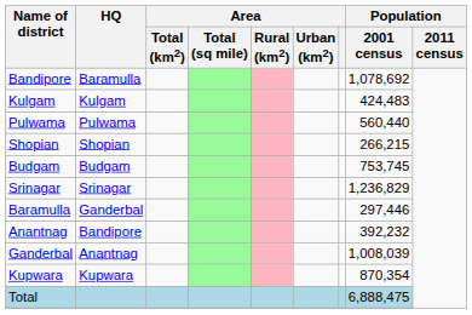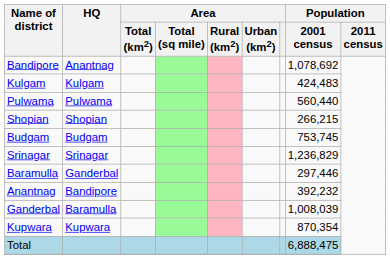 <table class="wikitable sortable" style="margin-bottom: 0;">
 <tr style="vertical-align:top;">
 <th rowspan=2>Name of <br>district</th>
 <th rowspan=2 class=unsortable>HQ</th>
 <th colspan=5>Area</th>
 <th colspan=2>Population</th>
 </tr>
 <tr style="vertical-align:top;">
 <th>Total <br> (km<sup>2</sup>)</th>
 <th class=unsortable>Total <br> (sq mile)</th>
 <th class=unsortable>Rural <br> (km<sup>2</sup>)</th>
 <th>Urban <br> (km<sup>2</sup>)</th>
 <th class=unsortable></th>
 <th>2001<br>census</th>
 <th>2011<br>census</th>
 </tr>
 <tr style="vertical-align:top;">
 <td><a href='#'>Bandipore</a></td>
-<td><a href='#'>Baramulla</a></td>
+<td><a href='#'>Anantnag</a></td>
 <td></td>
 <td style="background:palegreen; text-align:right;"></td>
 <td style="background:lightpink; text-align:right;"></td>
 <td></td>
 <td style="text-align:right;"></td>
 <td style="text-align:right;">1,078,692</td>
 </tr>
 <tr style="vertical-align:top;">
 <td><a href='#'>Kulgam</a></td>
 <td><a href='#'>Kulgam</a></td>
 <td> </td>
 <td style="background:palegreen; text-align:right;"></td>
 <td style="background:lightpink; text-align:right;"></td>
 <td></td>
 <td style="text-align:right;"></td>
 <td style="text-align:right;">424,483</td>
 </tr>
 <tr style="vertical-align:top;">
 <td><a href='#'>Pulwama</a></td>
 <td><a href='#'>Pulwama</a></td>
 <td></td>
 <td style="background:palegreen; text-align:right;"></td>
 <td style="background:lightpink; text-align:right;"></td>
 <td></td>
 <td style="text-align:right;"></td>
 <td style="text-align:right;">560,440</td>
 </tr>
 <tr style="vertical-align:top;">
 <td><a href='#'>Shopian</a></td>
 <td><a href='#'>Shopian</a></td>
 <td> </td>
 <td style="background:palegreen; text-align:right;"></td>
 <td style="background:lightpink; text-align:right;"></td>
 <td></td>
 <td style="text-align:right;"></td>
 <td style="text-align:right;">266,215</td>
 </tr>
 <tr style="vertical-align:top;">
 <td><a href='#'>Budgam</a></td>
 <td><a href='#'>Budgam</a></td>
 <td> </td>
 <td style="background:palegreen; text-align:right;"></td>
 <td style="background:lightpink; text-align:right;"></td>
 <td></td>
 <td style="text-align:right;"></td>
 <td style="text-align:right;">753,745</td>
 </tr>
 <tr style="vertical-align:top;">
 <td><a href='#'>Srinagar</a></td>
 <td><a href='#'>Srinagar</a></td>
 <td> </td>
 <td style="background:palegreen; text-align:right;"></td>
 <td style="background:lightpink; text-align:right;"></td>
 <td></td>
 <td style="text-align:right;"></td>
 <td style="text-align:right;">1,236,829</td>
 </tr>
 <tr style="vertical-align:top;">
 <td><a href='#'>Baramulla</a></td>
 <td><a href='#'>Ganderbal</a></td>
 <td> </td>
 <td style="background:palegreen; text-align:right;"></td>
 <td style="background:lightpink; text-align:right;"></td>
 <td></td>
 <td style="text-align:right;"></td>
 <td style="text-align:right;">297,446</td>
 </tr>
 <tr style="vertical-align:top;">
 <td><a href='#'>Anantnag</a></td>
 <td><a href='#'>Bandipore</a></td>
 <td></td>
 <td style="background:palegreen; text-align:right;"></td>
 <td style="background:lightpink; text-align:right;"></td>
 <td></td>
 <td style="text-align:right;"></td>
 <td style="text-align:right;">392,232</td>
 </tr>
 <tr style="vertical-align:top;">
 <td><a href='#'>Ganderbal</a></td>
-<td><a href='#'>Anantnag</a></td>
+<td><a href='#'>Baramulla</a></td>
 <td></td>
 <td style="background:palegreen; text-align:right;"></td>
 <td style="background:lightpink; text-align:right;"></td>
 <td></td>
 <td style="text-align:right;"></td>
 <td style="text-align:right;">1,008,039</td>
 </tr>
 <tr style="vertical-align:top;">
 <td><a href='#'>Kupwara</a></td>
 <td><a href='#'>Kupwara</a></td>
 <td></td>
 <td style="background:palegreen; text-align:right;"></td>
 <td style="background:lightpink; text-align:right;"></td>
 <td></td>
 <td style="text-align:right;"></td>
 <td style="text-align:right;">870,354</td>
 </tr>
 <tr style="background:lightblue; vertical-align:top;" class="sortbottom">
 <td>Total</td>
 <td></td>
 <td></td>
 <td style="text-align:right;"></td>
 <td style="text-align:right;"></td>
 <td></td>
 <td style="text-align:right;"></td>
 <td style="text-align:right;">6,888,475</td>
 </tr>
 <tr>
 </tr>
 </table>
